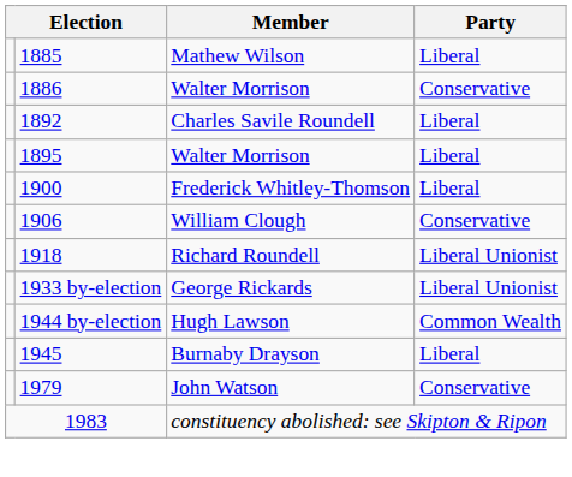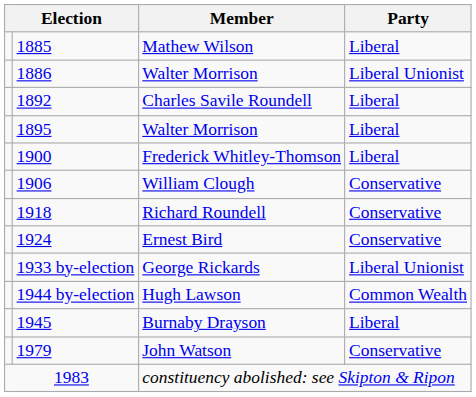 <table class="wikitable">
 <tr>
 <th colspan="2">Election</th>
 <th>Member</th>
 <th>Party</th>
 </tr>
 <tr>
 <td style="color:inherit;background-color: "></td>
 <td><a href='#'>1885</a></td>
 <td><a href='#'>Mathew Wilson</a></td>
 <td><a href='#'>Liberal</a></td>
 </tr>
 <tr>
 <td style="color:inherit;background-color: "></td>
 <td><a href='#'>1886</a></td>
 <td><a href='#'>Walter Morrison</a></td>
-<td><a href='#'>Conservative</a></td>
+<td><a href='#'>Liberal Unionist</a></td>
 </tr>
 <tr>
 <td style="color:inherit;background-color: "></td>
 <td><a href='#'>1892</a></td>
 <td><a href='#'>Charles Savile Roundell</a></td>
 <td><a href='#'>Liberal</a></td>
 </tr>
 <tr>
 <td style="color:inherit;background-color: "></td>
 <td><a href='#'>1895</a></td>
 <td><a href='#'>Walter Morrison</a></td>
 <td><a href='#'>Liberal</a></td>
 </tr>
 <tr>
 <td style="color:inherit;background-color: "></td>
 <td><a href='#'>1900</a></td>
 <td><a href='#'>Frederick Whitley-Thomson</a></td>
 <td><a href='#'>Liberal</a></td>
 </tr>
 <tr>
 <td style="color:inherit;background-color: "></td>
 <td><a href='#'>1906</a></td>
 <td><a href='#'>William Clough</a></td>
 <td><a href='#'>Conservative</a></td>
 </tr>
 <tr>
 <td style="color:inherit;background-color: "></td>
 <td><a href='#'>1918</a></td>
 <td><a href='#'>Richard Roundell</a></td>
-<td><a href='#'>Liberal Unionist</a></td>
+<td><a href='#'>Conservative</a></td>
+</tr>
+<tr>
+<td style="color:inherit;background-color: "></td>
+<td><a href='#'>1924</a></td>
+<td><a href='#'>Ernest Bird</a></td>
+<td><a href='#'>Conservative</a></td>
 </tr>
 <tr>
 <td style="color:inherit;background-color: "></td>
 <td><a href='#'>1933 by-election</a></td>
 <td><a href='#'>George Rickards</a></td>
 <td><a href='#'>Liberal Unionist</a></td>
 </tr>
 <tr>
 <td style="color:inherit;background-color: "></td>
 <td><a href='#'>1944 by-election</a></td>
 <td><a href='#'>Hugh Lawson</a></td>
 <td><a href='#'>Common Wealth</a></td>
 </tr>
 <tr>
 <td style="color:inherit;background-color: "></td>
 <td><a href='#'>1945</a></td>
 <td><a href='#'>Burnaby Drayson</a></td>
 <td><a href='#'>Liberal</a></td>
 </tr>
 <tr>
 <td style="color:inherit;background-color: "></td>
 <td><a href='#'>1979</a></td>
 <td><a href='#'>John Watson</a></td>
 <td><a href='#'>Conservative</a></td>
 </tr>
 <tr>
 <td colspan="2" align="center"><a href='#'>1983</a></td>
 <td colspan="2"><em>constituency abolished: see <a href='#'>Skipton & Ripon</a></em></td>
 </tr>
 </table>
